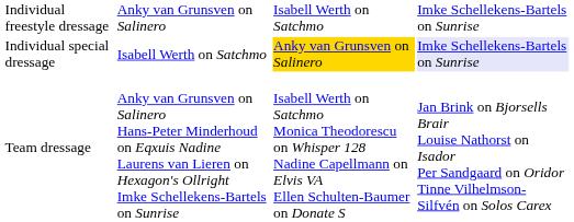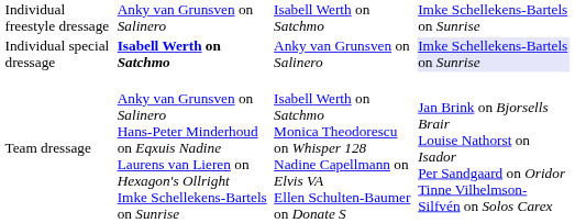 <table>
 <tr>
 <td>Individual freestyle dressage<br></td>
 <td> <a href='#'>Anky van Grunsven</a> on <em>Salinero</em></td>
 <td> <a href='#'>Isabell Werth</a> on <em>Satchmo</em></td>
 <td> <a href='#'>Imke Schellekens-Bartels</a> on <em>Sunrise</em></td>
 </tr>
 <tr>
 <td>Individual special dressage<br></td>
-<td> <a href='#'>Isabell Werth</a> on <em>Satchmo</em></td>
-<td style="background: gold;"> <a href='#'>Anky van Grunsven</a> on <em>Salinero</em></td>
+<td><strong> <a href='#'>Isabell Werth</a> on <em>Satchmo</em></strong></td>
+<td> <a href='#'>Anky van Grunsven</a> on <em>Salinero</em></td>
 <td style="background: lavender;"> <a href='#'>Imke Schellekens-Bartels</a> on <em>Sunrise</em></td>
 </tr>
 <tr>
 <td>Team dressage<br></td>
 <td><br><a href='#'>Anky van Grunsven</a> on <em>Salinero</em><br><a href='#'>Hans-Peter Minderhoud</a> on <em>Eqxuis Nadine</em><br><a href='#'>Laurens van Lieren</a> on <em>Hexagon's Ollright</em><br><a href='#'>Imke Schellekens-Bartels</a> on <em>Sunrise</em></td>
 <td><br><a href='#'>Isabell Werth</a> on <em>Satchmo</em><br><a href='#'>Monica Theodorescu</a> on <em>Whisper 128</em><br><a href='#'>Nadine Capellmann</a> on <em>Elvis VA</em><br><a href='#'>Ellen Schulten-Baumer</a> on <em>Donate S</em></td>
 <td><br><a href='#'>Jan Brink</a> on <em>Bjorsells Brair</em><br><a href='#'>Louise Nathorst</a> on <em>Isador</em><br><a href='#'>Per Sandgaard</a> on <em>Oridor</em><br><a href='#'>Tinne Vilhelmson-Silfvén</a> on <em>Solos Carex</em></td>
 </tr>
 </table>
